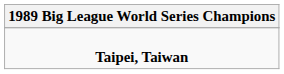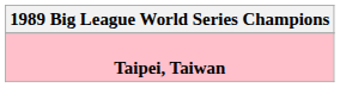 <table class="wikitable" style="text-align: center; margin: 0 auto;">
 <tr>
 <th>1989 Big League World Series Champions</th>
 </tr>
 <tr>
 </tr>
 <tr>
-<td><br><strong>Taipei, Taiwan</strong></td>
+<td style="background: pink;"><br><strong>Taipei, Taiwan</strong></td>
 </tr>
 </table>
